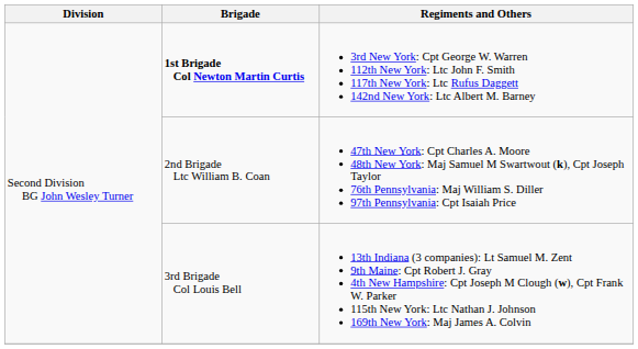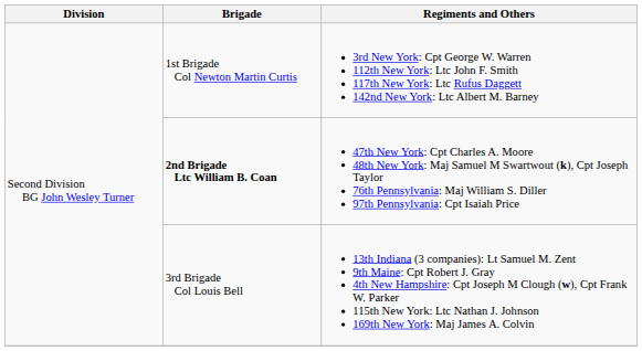 <table class="wikitable">
 <tr>
 <th width=25%>Division</th>
 <th width=25%>Brigade</th>
 <th>Regiments and Others</th>
 </tr>
 <tr>
 <td rowspan=3><br>Second Division <br>     BG <a href='#'>John Wesley Turner</a></td>
-<td><strong>1st Brigade<br>   Col <a href='#'>Newton Martin Curtis</a></strong></td>
+<td>1st Brigade<br>   Col <a href='#'>Newton Martin Curtis</a></td>
 <td><br><ul><li><a href='#'>3rd New York</a>: Cpt George W. Warren</li><li><a href='#'>112th New York</a>: Ltc John F. Smith</li><li><a href='#'>117th New York</a>: Ltc <a href='#'>Rufus Daggett</a></li><li><a href='#'>142nd New York</a>: Ltc Albert M. Barney</li></ul></td>
 </tr>
 <tr>
-<td>2nd Brigade<br>   Ltc William B. Coan</td>
+<td><strong>2nd Brigade<br>   Ltc William B. Coan</strong></td>
 <td><br><ul><li><a href='#'>47th New York</a>: Cpt Charles A. Moore</li><li><a href='#'>48th New York</a>: Maj Samuel M Swartwout (<strong>k</strong>), Cpt Joseph Taylor</li><li><a href='#'>76th Pennsylvania</a>: Maj William S. Diller</li><li><a href='#'>97th Pennsylvania</a>: Cpt Isaiah Price</li></ul></td>
 </tr>
 <tr>
 <td>3rd Brigade<br>   Col Louis Bell</td>
 <td><br><ul><li><a href='#'>13th Indiana</a> (3 companies): Lt Samuel M. Zent</li><li><a href='#'>9th Maine</a>: Cpt Robert J. Gray</li><li><a href='#'>4th New Hampshire</a>: Cpt Joseph M Clough (<strong>w</strong>), Cpt Frank W. Parker</li><li>115th New York: Ltc Nathan J. Johnson</li><li><a href='#'>169th New York</a>: Maj James A. Colvin</li></ul></td>
 </tr>
 <tr>
 </tr>
 </table>
